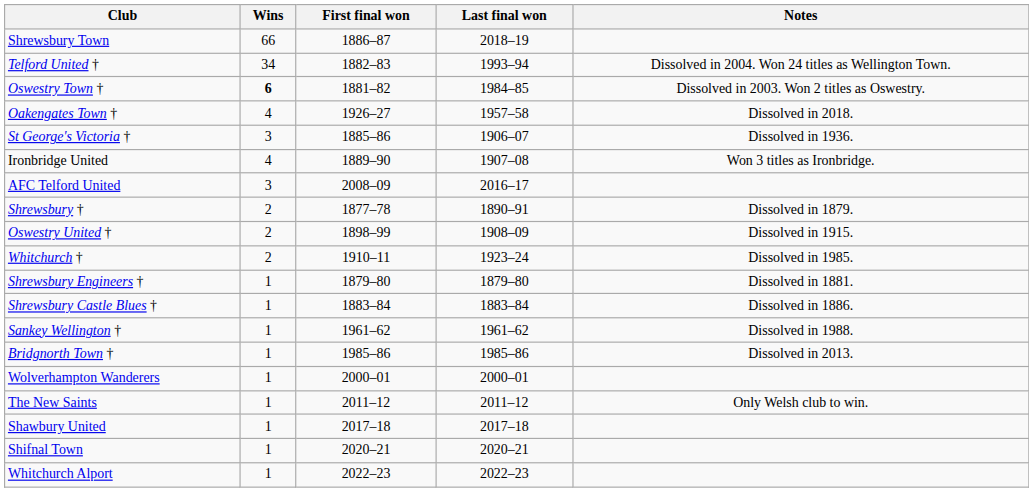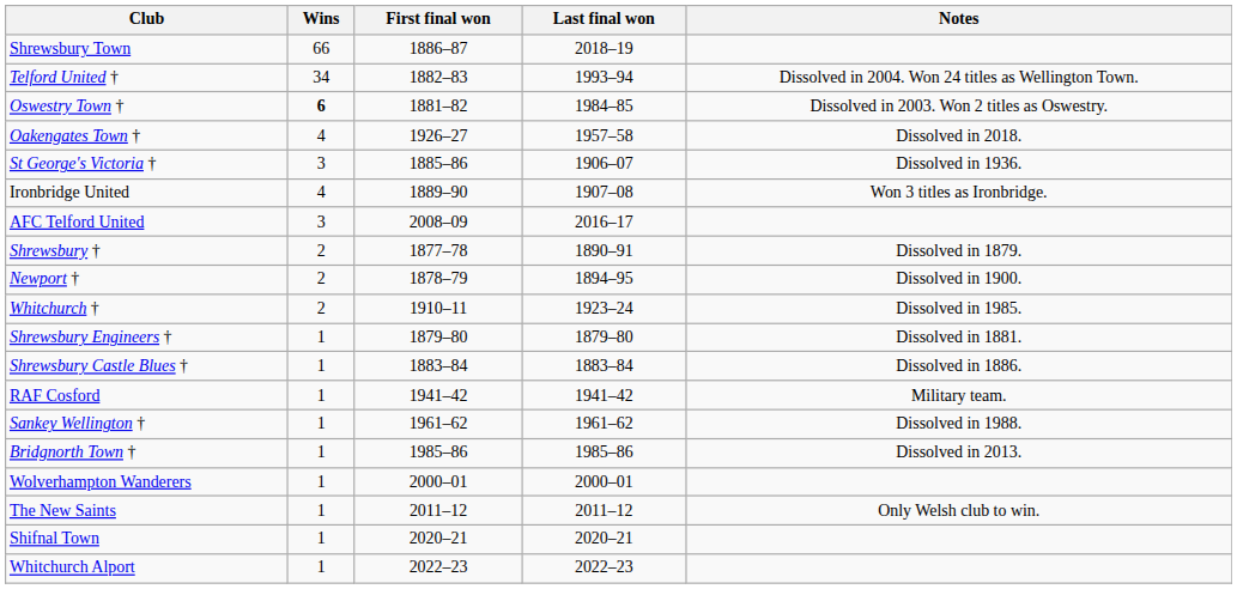 <table class="wikitable sortable" style="text-align: center; width: 100%; font-size: 12px">
 <tr>
 <th>Club</th>
 <th>Wins</th>
 <th>First final won</th>
 <th>Last final won</th>
 <th>Notes</th>
 </tr>
 <tr>
 <td style="text-align: left"><a href='#'>Shrewsbury Town</a></td>
 <td>66</td>
 <td>1886–87</td>
 <td>2018–19</td>
 <td></td>
 </tr>
 <tr>
 <td style="text-align: left"><em><a href='#'>Telford United</a></em> †</td>
 <td>34</td>
 <td>1882–83</td>
 <td>1993–94</td>
 <td>Dissolved in 2004. Won 24 titles as Wellington Town.</td>
 </tr>
 <tr>
 <td style="text-align: left"><em><a href='#'>Oswestry Town</a></em> †</td>
 <td><strong>6</strong></td>
 <td>1881–82</td>
 <td>1984–85</td>
 <td>Dissolved in 2003. Won 2 titles as Oswestry.</td>
 </tr>
 <tr>
 <td style="text-align: left"><em><a href='#'>Oakengates Town</a></em> †</td>
 <td>4</td>
 <td>1926–27</td>
 <td>1957–58</td>
 <td>Dissolved in 2018.</td>
 </tr>
 <tr>
 <td style="text-align: left"><em><a href='#'>St George's Victoria</a></em> †</td>
 <td>3</td>
 <td>1885–86</td>
 <td>1906–07</td>
 <td>Dissolved in 1936.</td>
 </tr>
 <tr>
 <td style="text-align: left">Ironbridge United</td>
 <td>4</td>
 <td>1889–90</td>
 <td>1907–08</td>
 <td>Won 3 titles as Ironbridge.</td>
 </tr>
 <tr>
 <td style="text-align: left"><a href='#'>AFC Telford United</a></td>
 <td>3</td>
 <td>2008–09</td>
 <td>2016–17</td>
 <td></td>
 </tr>
 <tr>
 <td style="text-align: left"><em><a href='#'>Shrewsbury</a></em> †</td>
 <td>2</td>
 <td>1877–78</td>
 <td>1890–91</td>
 <td>Dissolved in 1879.</td>
 </tr>
 <tr>
-<td style="text-align: left"><em><a href='#'>Oswestry United</a></em> †</td>
+<td style="text-align: left"><em><a href='#'>Newport</a></em> †</td>
 <td>2</td>
-<td>1898–99</td>
-<td>1908–09</td>
-<td>Dissolved in 1915.</td>
+<td>1878–79</td>
+<td>1894–95</td>
+<td>Dissolved in 1900.</td>
 </tr>
 <tr>
 <td style="text-align: left"><em><a href='#'>Whitchurch</a></em> †</td>
 <td>2</td>
 <td>1910–11</td>
 <td>1923–24</td>
 <td>Dissolved in 1985.</td>
 </tr>
 <tr>
 <td style="text-align: left"><em><a href='#'>Shrewsbury Engineers</a></em> †</td>
 <td>1</td>
 <td>1879–80</td>
 <td>1879–80</td>
 <td>Dissolved in 1881.</td>
 </tr>
 <tr>
 <td style="text-align: left"><em><a href='#'>Shrewsbury Castle Blues</a></em> †</td>
 <td>1</td>
 <td>1883–84</td>
 <td>1883–84</td>
 <td>Dissolved in 1886.</td>
+</tr>
+<tr>
+<td style="text-align: left"><a href='#'>RAF Cosford</a></td>
+<td>1</td>
+<td>1941–42</td>
+<td>1941–42</td>
+<td>Military team.</td>
 </tr>
 <tr>
 <td style="text-align: left"><em><a href='#'>Sankey Wellington</a></em> †</td>
 <td>1</td>
 <td>1961–62</td>
 <td>1961–62</td>
 <td>Dissolved in 1988.</td>
 </tr>
 <tr>
 <td style="text-align: left"><em><a href='#'>Bridgnorth Town</a></em> †</td>
 <td>1</td>
 <td>1985–86</td>
 <td>1985–86</td>
 <td>Dissolved in 2013.</td>
 </tr>
 <tr>
 <td style="text-align: left"><a href='#'>Wolverhampton Wanderers</a></td>
 <td>1</td>
 <td>2000–01</td>
 <td>2000–01</td>
 <td></td>
 </tr>
 <tr>
 <td style="text-align: left"><a href='#'>The New Saints</a></td>
 <td>1</td>
 <td>2011–12</td>
 <td>2011–12</td>
 <td>Only Welsh club to win.</td>
 </tr>
 <tr>
-<td style="text-align: left"><a href='#'>Shawbury United</a></td>
-<td>1</td>
-<td>2017–18</td>
-<td>2017–18</td>
-<td></td>
-</tr>
-<tr>
 <td style="text-align: left"><a href='#'>Shifnal Town</a></td>
 <td>1</td>
 <td>2020–21</td>
 <td>2020–21</td>
 <td></td>
 </tr>
 <tr>
 <td style="text-align: left"><a href='#'>Whitchurch Alport</a></td>
 <td>1</td>
 <td>2022–23</td>
 <td>2022–23</td>
 <td></td>
 </tr>
 </table>
